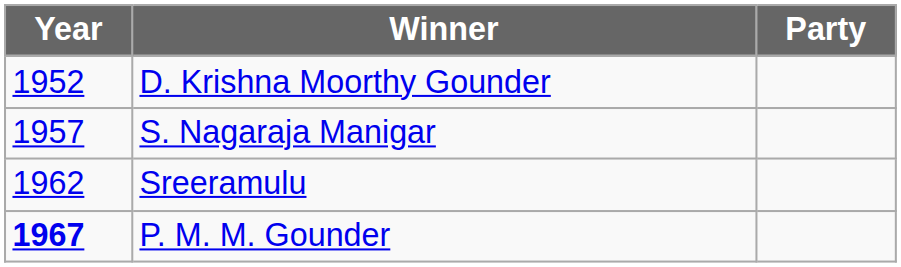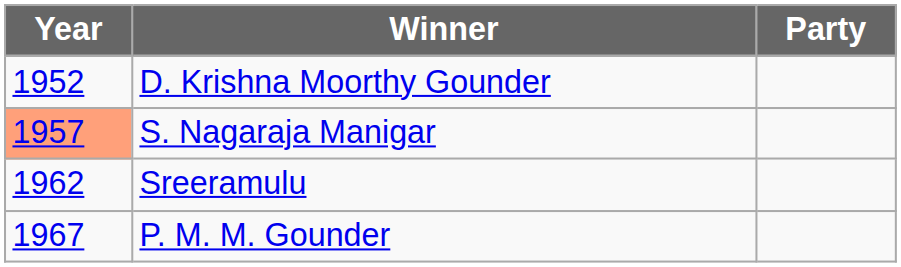 <table class="wikitable" width="50%">
 <tr>
 <th style="background-color:#666666; color:white">Year</th>
 <th style="background-color:#666666; color:white">Winner</th>
 <th style="background-color:#666666; color:white" colspan="2">Party</th>
 </tr>
 <tr>
 <td><a href='#'>1952</a></td>
 <td><a href='#'>D. Krishna Moorthy Gounder</a></td>
 <td></td>
 </tr>
 <tr>
-<td><a href='#'>1957</a></td>
+<td style="background: lightsalmon;"><a href='#'>1957</a></td>
 <td><a href='#'>S. Nagaraja Manigar</a></td>
 <td></td>
 </tr>
 <tr>
 <td><a href='#'>1962</a></td>
 <td><a href='#'>Sreeramulu</a></td>
 <td></td>
 </tr>
 <tr>
-<td><strong><a href='#'>1967</a></strong></td>
+<td><a href='#'>1967</a></td>
 <td><a href='#'>P. M. M. Gounder</a></td>
 <td></td>
 </tr>
 </table>
